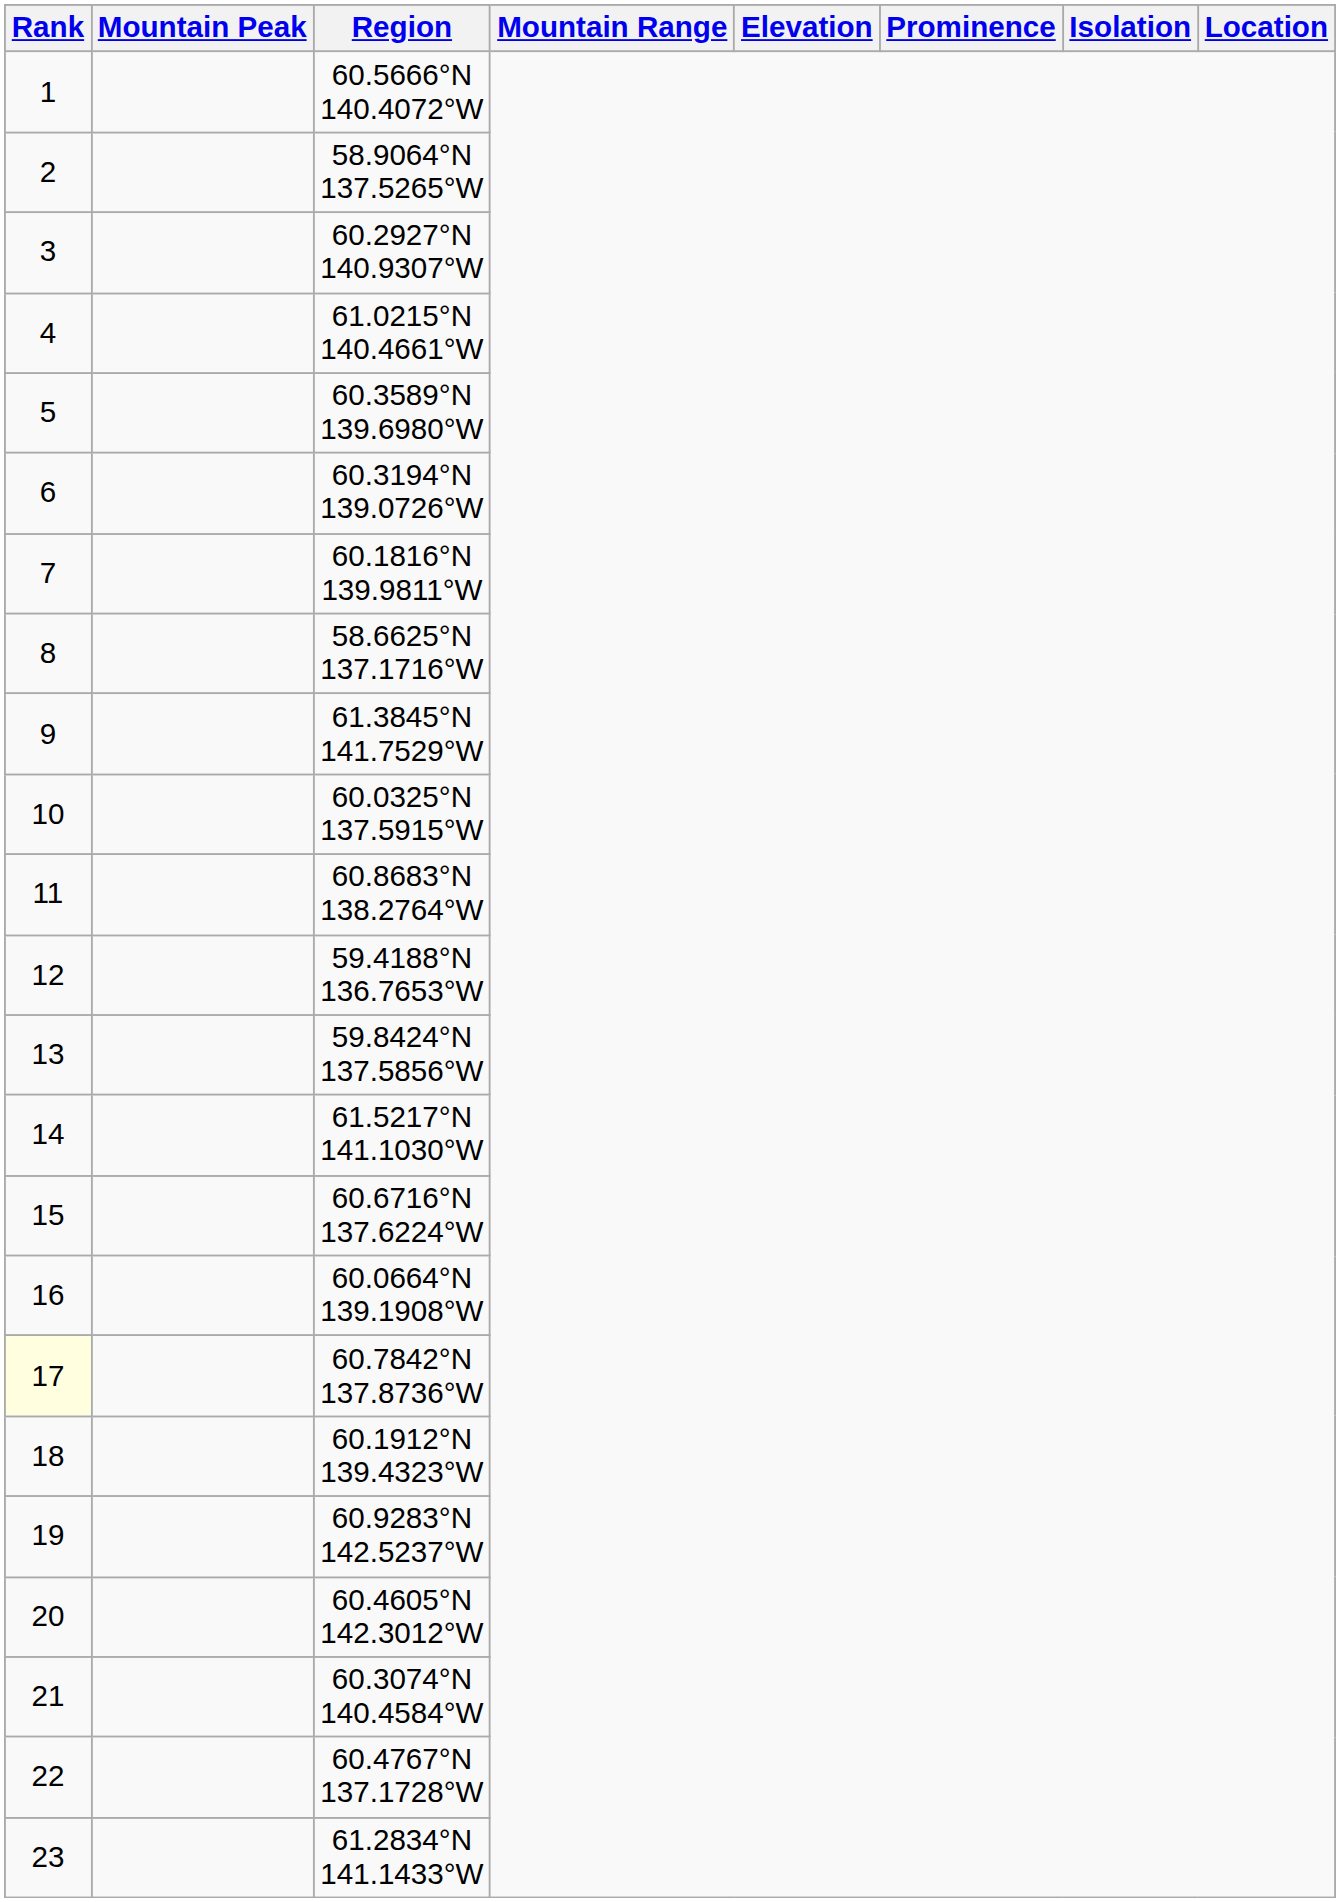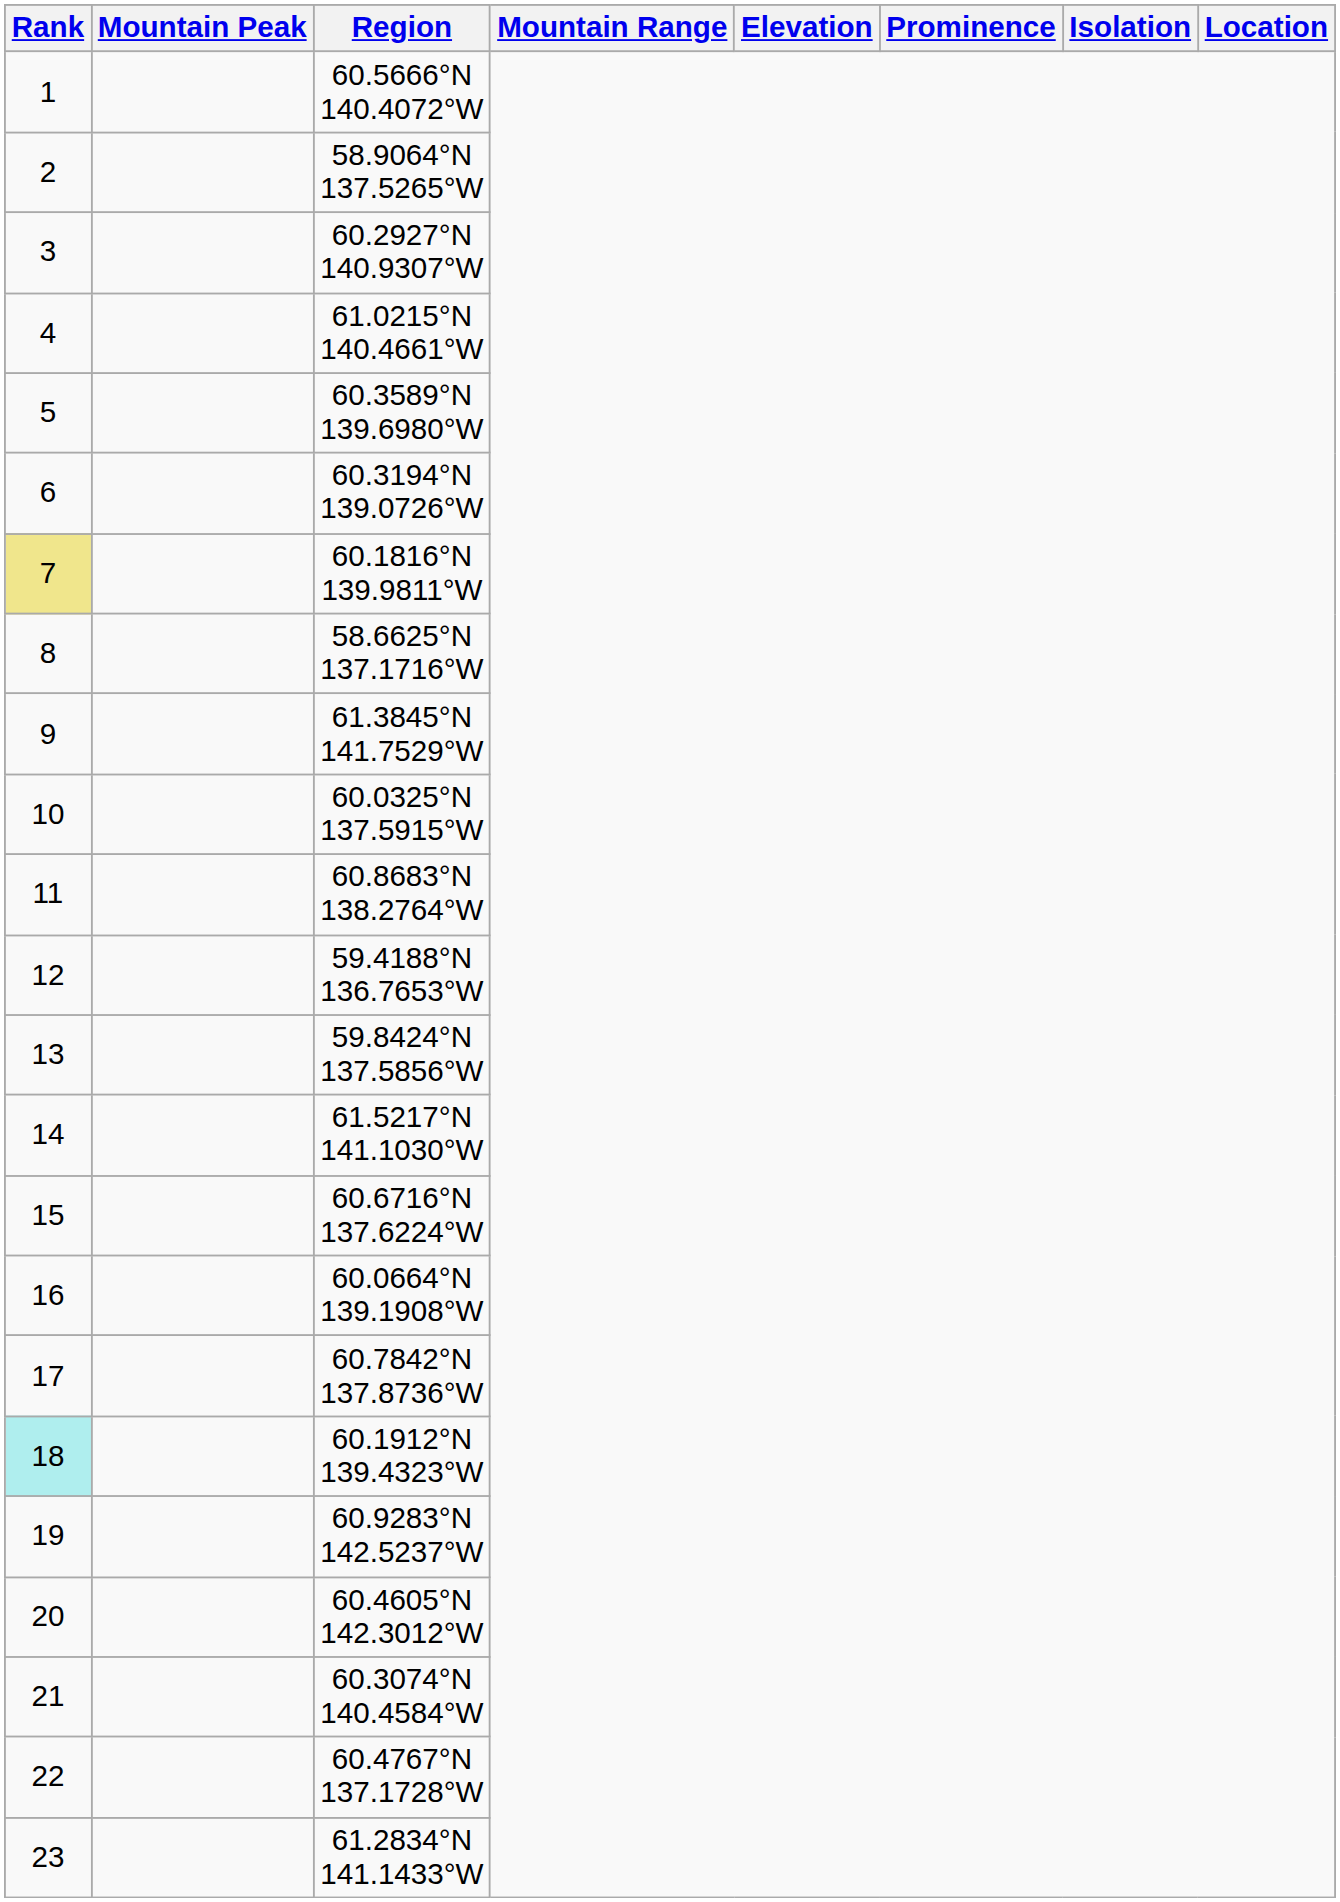 <table class="wikitable sortable">
 <tr>
 <th><a href='#'>Rank</a></th>
 <th><a href='#'>Mountain Peak</a></th>
 <th><a href='#'>Region</a></th>
 <th><a href='#'>Mountain Range</a></th>
 <th><a href='#'>Elevation</a></th>
 <th><a href='#'>Prominence</a></th>
 <th><a href='#'>Isolation</a></th>
 <th><a href='#'>Location</a></th>
 </tr>
 <tr>
 <td align=center>1<br></td>
 <td><br> </td>
 <td align=center>60.5666°N<br>140.4072°W</td>
 </tr>
 <tr>
 <td align=center>2<br></td>
 <td><br><br> </td>
 <td align=center>58.9064°N<br>137.5265°W</td>
 </tr>
 <tr>
 <td align=center>3<br></td>
 <td><br><br> </td>
 <td align=center>60.2927°N<br>140.9307°W</td>
 </tr>
 <tr>
 <td align=center>4<br></td>
 <td><br> </td>
 <td align=center>61.0215°N<br>140.4661°W</td>
 </tr>
 <tr>
 <td align=center>5<br></td>
 <td><br> </td>
 <td align=center>60.3589°N<br>139.6980°W</td>
 </tr>
 <tr>
 <td align=center>6<br></td>
 <td><br><br> </td>
 <td align=center>60.3194°N<br>139.0726°W</td>
 </tr>
 <tr>
-<td align=center>7<br></td>
+<td align=center style="background: khaki;">7<br></td>
 <td><br><br> </td>
 <td align=center>60.1816°N<br>139.9811°W</td>
 </tr>
 <tr>
 <td align=center>8<br></td>
 <td><br> </td>
 <td align=center>58.6625°N<br>137.1716°W</td>
 </tr>
 <tr>
 <td align=center>9<br></td>
 <td><br> </td>
 <td align=center>61.3845°N<br>141.7529°W</td>
 </tr>
 <tr>
 <td align=center>10<br></td>
 <td><br> </td>
 <td align=center>60.0325°N<br>137.5915°W</td>
 </tr>
 <tr>
 <td align=center>11<br></td>
 <td><br> </td>
 <td align=center>60.8683°N<br>138.2764°W</td>
 </tr>
 <tr>
 <td align=center>12<br></td>
 <td><br><br> </td>
 <td align=center>59.4188°N<br>136.7653°W</td>
 </tr>
 <tr>
 <td align=center>13<br></td>
 <td><br><br> </td>
 <td align=center>59.8424°N<br>137.5856°W</td>
 </tr>
 <tr>
 <td align=center>14<br></td>
 <td><br> </td>
 <td align=center>61.5217°N<br>141.1030°W</td>
 </tr>
 <tr>
 <td align=center>15<br></td>
 <td><br> </td>
 <td align=center>60.6716°N<br>137.6224°W</td>
 </tr>
 <tr>
 <td align=center>16<br></td>
 <td><br> </td>
 <td align=center>60.0664°N<br>139.1908°W</td>
 </tr>
 <tr>
-<td align=center style="background: lightyellow;">17<br></td>
+<td align=center>17<br></td>
 <td><br> </td>
 <td align=center>60.7842°N<br>137.8736°W</td>
 </tr>
 <tr>
-<td align=center>18<br></td>
+<td align=center style="background: paleturquoise;">18<br></td>
 <td><br> </td>
 <td align=center>60.1912°N<br>139.4323°W</td>
 </tr>
 <tr>
 <td align=center>19<br></td>
 <td><br> </td>
 <td align=center>60.9283°N<br>142.5237°W</td>
 </tr>
 <tr>
 <td align=center>20<br></td>
 <td><br> </td>
 <td align=center>60.4605°N<br>142.3012°W</td>
 </tr>
 <tr>
 <td align=center>21<br></td>
 <td><br><br> </td>
 <td align=center>60.3074°N<br>140.4584°W</td>
 </tr>
 <tr>
 <td align=center>22<br></td>
 <td><br> </td>
 <td align=center>60.4767°N<br>137.1728°W</td>
 </tr>
 <tr>
 <td align=center>23<br></td>
 <td><br> </td>
 <td align=center>61.2834°N<br>141.1433°W</td>
 </tr>
 </table>
